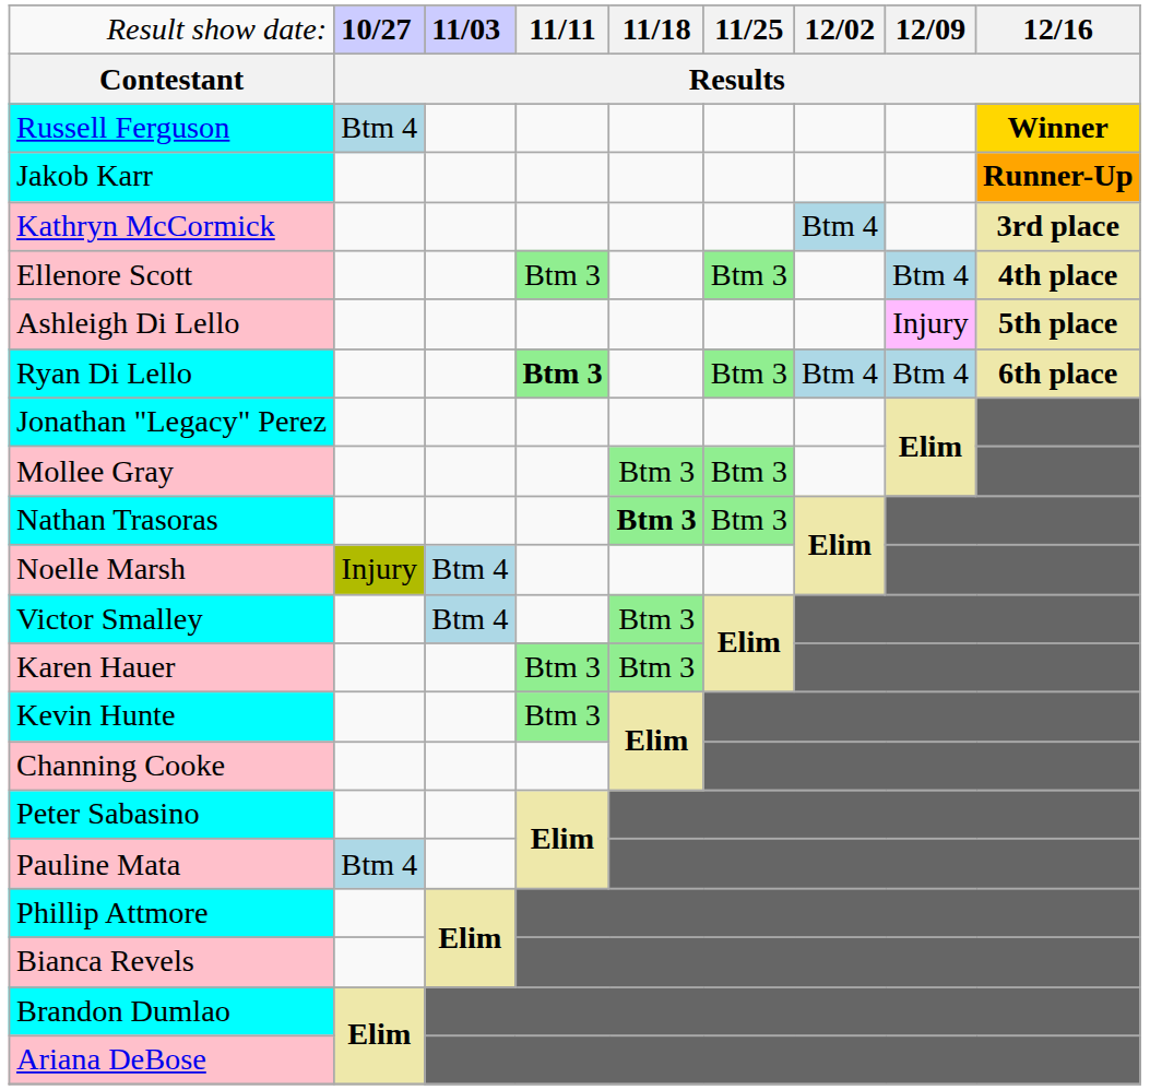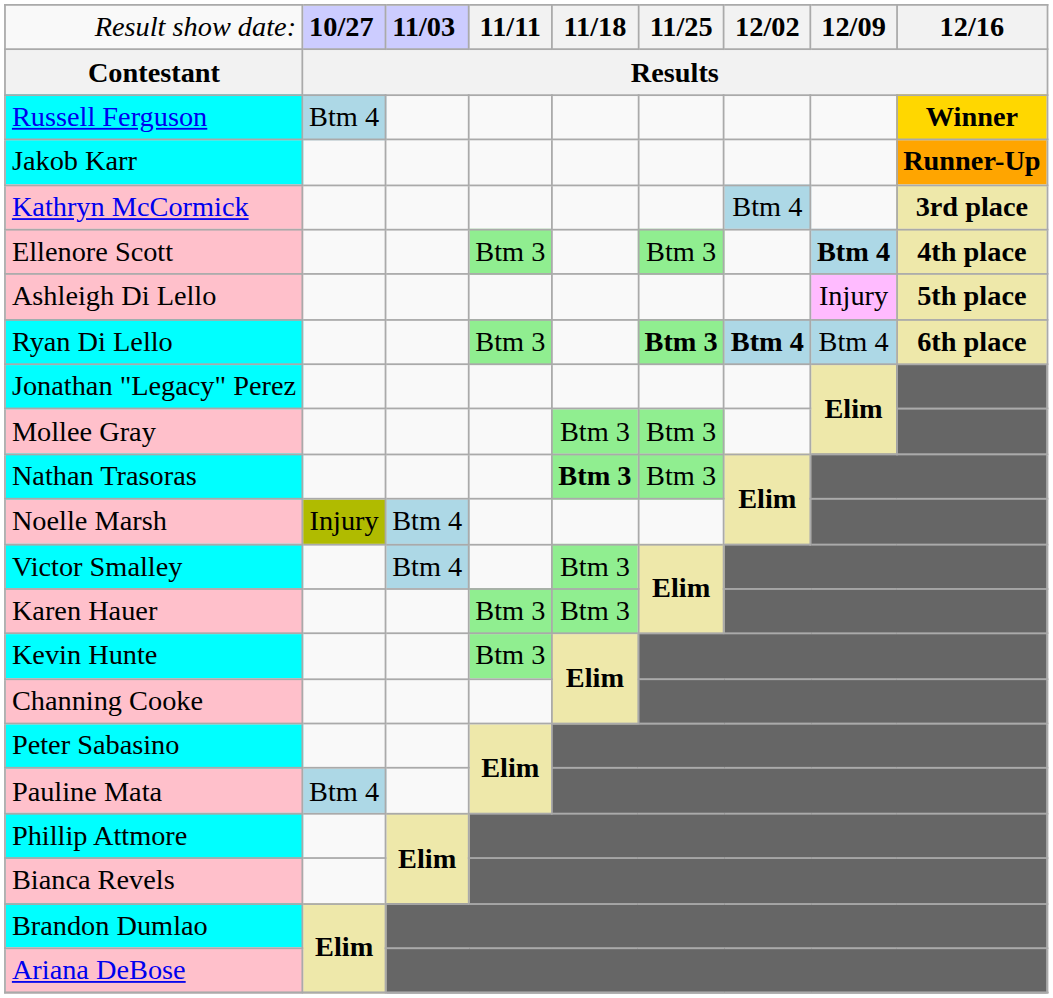 <table class="wikitable" style="margin:1em auto;">
 <tr>
 <td align="right"><em>Result show date:</em></td>
 <td bgcolor="#ccccff"><strong>10/27</strong></td>
 <td bgcolor="#ccccff"><strong>11/03</strong></td>
 <th>11/11</th>
 <th>11/18</th>
 <th>11/25</th>
 <th>12/02</th>
 <th>12/09</th>
 <th>12/16</th>
 </tr>
 <tr>
 <th>Contestant</th>
 <th colspan="22" align="center">Results</th>
 </tr>
 <tr>
 <td bgcolor="cyan"><a href='#'>Russell Ferguson</a></td>
 <td style="background:lightblue;" align="center">Btm 4</td>
 <td></td>
 <td></td>
 <td></td>
 <td></td>
 <td></td>
 <td></td>
 <td bgcolor="gold" align="center"><strong>Winner</strong></td>
 </tr>
 <tr>
 <td bgcolor="cyan">Jakob Karr</td>
 <td></td>
 <td></td>
 <td></td>
 <td></td>
 <td></td>
 <td></td>
 <td></td>
 <td bgcolor="orange" align="center"><strong>Runner-Up</strong></td>
 </tr>
 <tr>
 <td bgcolor="pink"><a href='#'>Kathryn McCormick</a></td>
 <td></td>
 <td></td>
 <td></td>
 <td></td>
 <td></td>
 <td style="background:lightblue;" align="center">Btm 4</td>
 <td></td>
 <td align="center" style="background:palegoldenrod;"><strong>3rd place</strong></td>
 </tr>
 <tr>
 <td bgcolor="pink">Ellenore Scott</td>
 <td></td>
 <td></td>
 <td style="background:lightgreen;" align="center">Btm 3</td>
 <td></td>
 <td style="background:lightgreen;" align="center">Btm 3</td>
 <td></td>
-<td style="background:lightblue;" align="center">Btm 4</td>
+<td style="background:lightblue;" align="center"><strong>Btm 4</strong></td>
 <td align="center" style="background:palegoldenrod;"><strong>4th place</strong></td>
 </tr>
 <tr>
 <td bgcolor="pink">Ashleigh Di Lello</td>
 <td></td>
 <td></td>
 <td></td>
 <td></td>
 <td></td>
 <td></td>
 <td bgcolor="#ffbbff" align="center">Injury</td>
 <td align="center" style="background:palegoldenrod;"><strong>5th place</strong></td>
 </tr>
 <tr>
 <td bgcolor="cyan">Ryan Di Lello</td>
 <td></td>
 <td></td>
+<td style="background:lightgreen;" align="center">Btm 3</td>
+<td></td>
 <td style="background:lightgreen;" align="center"><strong>Btm 3</strong></td>
-<td></td>
-<td style="background:lightgreen;" align="center">Btm 3</td>
-<td style="background:lightblue;" align="center">Btm 4</td>
+<td style="background:lightblue;" align="center"><strong>Btm 4</strong></td>
 <td style="background:lightblue;" align="center">Btm 4</td>
 <td align="center" style="background:palegoldenrod;"><strong>6th place</strong></td>
 </tr>
 <tr>
 <td bgcolor="cyan">Jonathan "Legacy" Perez</td>
 <td></td>
 <td></td>
 <td></td>
 <td></td>
 <td></td>
 <td></td>
 <td rowspan="2" align="center" style="background:palegoldenrod;"><strong>Elim</strong></td>
 <td bgcolor="666666"></td>
 </tr>
 <tr>
 <td bgcolor="pink">Mollee Gray</td>
 <td></td>
 <td></td>
 <td></td>
 <td style="background:lightgreen;" align="center">Btm 3</td>
 <td style="background:lightgreen;" align="center">Btm 3</td>
 <td></td>
 <td bgcolor="666666"></td>
 </tr>
 <tr>
 <td bgcolor="cyan">Nathan Trasoras</td>
 <td></td>
 <td></td>
 <td></td>
 <td style="background:lightgreen;" align="center"><strong>Btm 3</strong></td>
 <td style="background:lightgreen;" align="center">Btm 3</td>
 <td rowspan="2" align="center" style="background:palegoldenrod;"><strong>Elim</strong></td>
 <td colspan="4" bgcolor="666666"></td>
 </tr>
 <tr>
 <td bgcolor="pink">Noelle Marsh</td>
 <td bgcolor="#brbbrr" align="center">Injury</td>
 <td style="background:lightblue;" align="center">Btm 4</td>
 <td></td>
 <td></td>
 <td></td>
 <td colspan="4" bgcolor="666666"></td>
 </tr>
 <tr>
 <td bgcolor="cyan">Victor Smalley</td>
 <td></td>
 <td style="background:lightblue;" align="center">Btm 4</td>
 <td></td>
 <td style="background:lightgreen;" align="center">Btm 3</td>
 <td rowspan="2" align="center" style="background:palegoldenrod;"><strong>Elim</strong></td>
 <td colspan="4" bgcolor="666666"></td>
 </tr>
 <tr>
 <td bgcolor="pink">Karen Hauer</td>
 <td></td>
 <td></td>
 <td style="background:lightgreen;" align="center">Btm 3</td>
 <td style="background:lightgreen;" align="center">Btm 3</td>
 <td colspan="4" bgcolor="666666"></td>
 </tr>
 <tr>
 <td bgcolor="cyan">Kevin Hunte</td>
 <td></td>
 <td></td>
 <td style="background:lightgreen;" align="center">Btm 3</td>
 <td rowspan="2" align="center" style="background:palegoldenrod;"><strong>Elim</strong></td>
 <td colspan="5" bgcolor="666666"></td>
 </tr>
 <tr>
 <td bgcolor="pink">Channing Cooke</td>
 <td></td>
 <td></td>
 <td></td>
 <td colspan="5" bgcolor="666666"></td>
 </tr>
 <tr>
 <td bgcolor="cyan">Peter Sabasino</td>
 <td></td>
 <td></td>
 <td rowspan="2" align="center" style="background:palegoldenrod;"><strong>Elim</strong></td>
 <td colspan="6" bgcolor="666666"></td>
 </tr>
 <tr>
 <td bgcolor="pink">Pauline Mata</td>
 <td style="background:lightblue;" align="center">Btm 4</td>
 <td></td>
 <td colspan="6" bgcolor="666666"></td>
 </tr>
 <tr>
 <td bgcolor="cyan">Phillip Attmore</td>
 <td></td>
 <td rowspan="2" align="center" style="background:palegoldenrod;"><strong>Elim</strong></td>
 <td colspan="7" bgcolor="666666"></td>
 </tr>
 <tr>
 <td bgcolor="pink">Bianca Revels</td>
 <td></td>
 <td colspan="7" bgcolor="666666"></td>
 </tr>
 <tr>
 <td bgcolor="cyan">Brandon Dumlao</td>
 <td rowspan="2" align="center" style="background:palegoldenrod;"><strong>Elim</strong></td>
 <td colspan="8" bgcolor="666666"></td>
 </tr>
 <tr>
 <td bgcolor="pink"><a href='#'>Ariana DeBose</a></td>
 <td colspan="8" bgcolor="666666"></td>
 </tr>
 <tr>
 </tr>
 </table>
